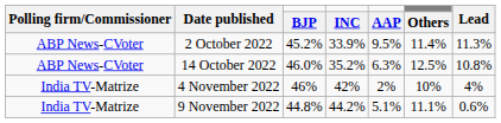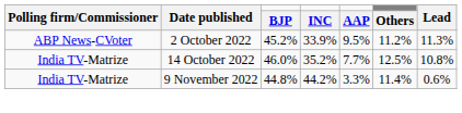 <table class="wikitable" style="text-align:center;font-size:95%;line-height:16px;">
 <tr>
 <th rowspan="2" class="wikitable">Polling firm/Commissioner</th>
 <th rowspan="2" class="wikitable">Date published</th>
 <td></td>
 <td></td>
 <td></td>
 <td style="background:gray;"></td>
 <th rowspan="2">Lead</th>
 </tr>
 <tr>
 <th class="wikitable"><a href='#'>BJP</a></th>
 <th class="wikitable"><a href='#'>INC</a></th>
 <th class="wikitable"><a href='#'>AAP</a></th>
 <th class="wikitable">Others</th>
 </tr>
 <tr>
 <td><a href='#'>ABP News</a>-<a href='#'>CVoter</a></td>
 <td>2 October 2022</td>
 <td style="background:">45.2%</td>
 <td>33.9%</td>
 <td>9.5%</td>
-<td>11.4%</td>
+<td>11.2%</td>
 <td style="background:">11.3%</td>
 </tr>
 <tr>
-<td><a href='#'>ABP News</a>-<a href='#'>CVoter</a></td>
+<td><a href='#'>India TV</a>-Matrize</td>
 <td>14 October 2022</td>
 <td style="background:">46.0%</td>
 <td>35.2%</td>
-<td>6.3%</td>
+<td>7.7%</td>
 <td>12.5%</td>
 <td style="background:">10.8%</td>
-</tr>
-<tr>
-<td><a href='#'>India TV</a>-Matrize</td>
-<td>4 November 2022</td>
-<td style="background:">46%</td>
-<td>42%</td>
-<td>2%</td>
-<td>10%</td>
-<td style="background:">4%</td>
 </tr>
 <tr>
 <td><a href='#'>India TV</a>-Matrize</td>
 <td>9 November 2022</td>
 <td style="background:">44.8%</td>
 <td>44.2%</td>
-<td>5.1%</td>
-<td>11.1%</td>
+<td>3.3%</td>
+<td>11.4%</td>
 <td style="background:">0.6%</td>
 </tr>
 </table>
